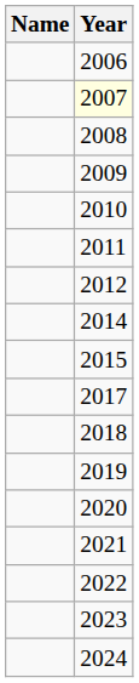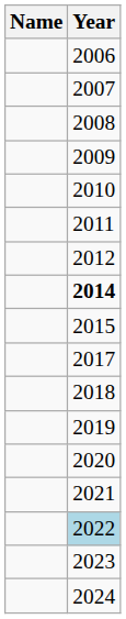 <table class="wikitable style="font-size:100%; text-align: left; width:70%">
 <tr>
 <th>Name</th>
 <th>Year</th>
 </tr>
 <tr>
 <td></td>
 <td>2006</td>
 </tr>
 <tr>
 <td></td>
-<td style="background: lightyellow;">2007</td>
+<td>2007</td>
 </tr>
 <tr>
 <td></td>
 <td>2008</td>
 </tr>
 <tr>
 <td></td>
 <td>2009</td>
 </tr>
 <tr>
 <td></td>
 <td>2010</td>
 </tr>
 <tr>
 <td></td>
 <td>2011</td>
 </tr>
 <tr>
 <td></td>
 <td>2012</td>
 </tr>
 <tr>
 <td></td>
-<td>2014</td>
+<td><strong>2014</strong></td>
 </tr>
 <tr>
 <td></td>
 <td>2015</td>
 </tr>
 <tr>
 <td></td>
 <td>2017</td>
 </tr>
 <tr>
 <td></td>
 <td>2018</td>
 </tr>
 <tr>
 <td></td>
 <td>2019</td>
 </tr>
 <tr>
 <td></td>
 <td>2020</td>
 </tr>
 <tr>
 <td></td>
 <td>2021</td>
 </tr>
 <tr>
 <td></td>
-<td>2022</td>
+<td style="background: lightblue;">2022</td>
 </tr>
 <tr>
 <td></td>
 <td>2023</td>
 </tr>
 <tr>
 <td></td>
 <td>2024</td>
 </tr>
 </table>
